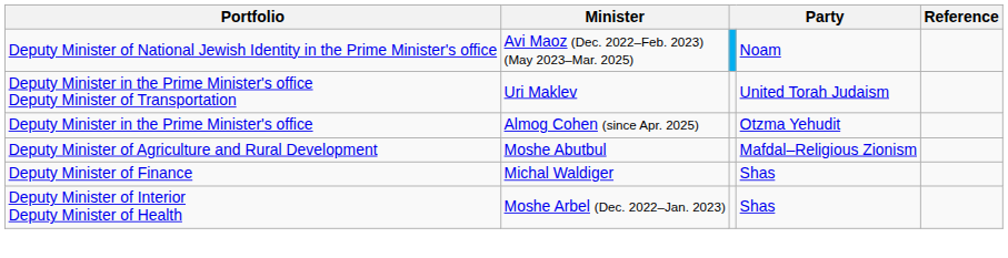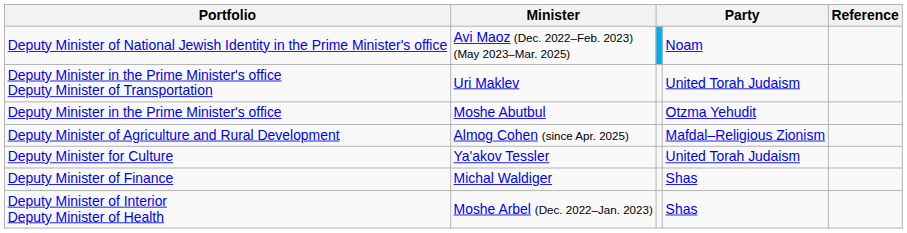 <table class="wikitable sortable">
 <tr>
 <th>Portfolio</th>
 <th>Minister</th>
 <th colspan=2>Party</th>
 <th>Reference</th>
 </tr>
 <tr>
 <td><a href='#'>Deputy Minister of National Jewish Identity in the Prime Minister's office</a></td>
 <td><a href='#'>Avi Maoz</a><small> (Dec. 2022–Feb. 2023)</small><br><small>          (May 2023–Mar. 2025)</small></td>
 <td style="background:#01AFF0"></td>
 <td><a href='#'>Noam</a></td>
 <td></td>
 </tr>
 <tr>
 <td><a href='#'>Deputy Minister in the Prime Minister's office</a><br><a href='#'>Deputy Minister of Transportation</a></td>
 <td><a href='#'>Uri Maklev</a></td>
 <td bgcolor=></td>
 <td><a href='#'>United Torah Judaism</a></td>
 <td></td>
 </tr>
 <tr>
 <td><a href='#'>Deputy Minister in the Prime Minister's office</a></td>
-<td><a href='#'>Almog Cohen</a> <small>(since Apr. 2025)</small></td>
+<td><a href='#'>Moshe Abutbul</a></td>
 <td bgcolor=></td>
 <td><a href='#'>Otzma Yehudit</a></td>
 </tr>
 <tr>
 <td><a href='#'>Deputy Minister of Agriculture and Rural Development</a></td>
-<td><a href='#'>Moshe Abutbul</a></td>
+<td><a href='#'>Almog Cohen</a> <small>(since Apr. 2025)</small></td>
 <td bgcolor=></td>
 <td><a href='#'>Mafdal–Religious Zionism</a></td>
+<td></td>
+</tr>
+<tr>
+<td><a href='#'>Deputy Minister for Culture</a></td>
+<td><a href='#'>Ya'akov Tessler</a></td>
+<td bgcolor=></td>
+<td><a href='#'>United Torah Judaism</a></td>
 <td></td>
 </tr>
 <tr>
 <td><a href='#'>Deputy Minister of Finance</a></td>
 <td><a href='#'>Michal Waldiger</a></td>
 <td bgcolor=></td>
 <td><a href='#'>Shas</a></td>
 <td></td>
 </tr>
 <tr>
 <td><a href='#'>Deputy Minister of Interior</a><br><a href='#'>Deputy Minister of Health</a></td>
 <td><a href='#'>Moshe Arbel</a> <small>(Dec. 2022–Jan. 2023)</small></td>
 <td bgcolor=></td>
 <td><a href='#'>Shas</a></td>
 <td></td>
 </tr>
 </table>
